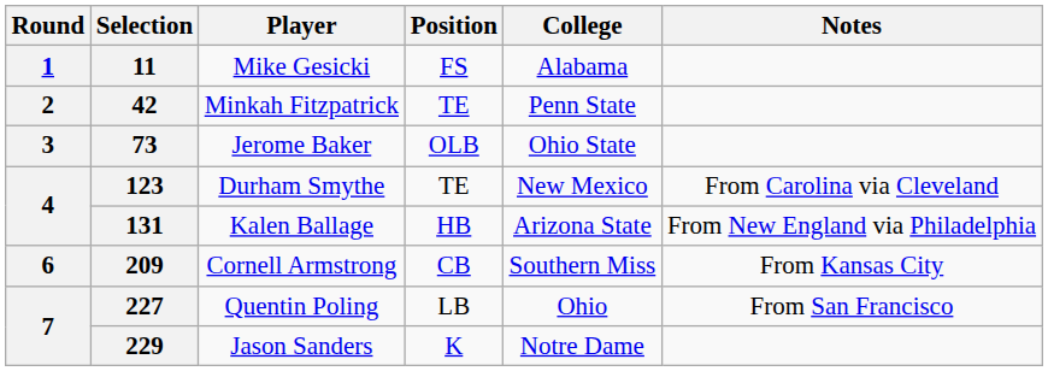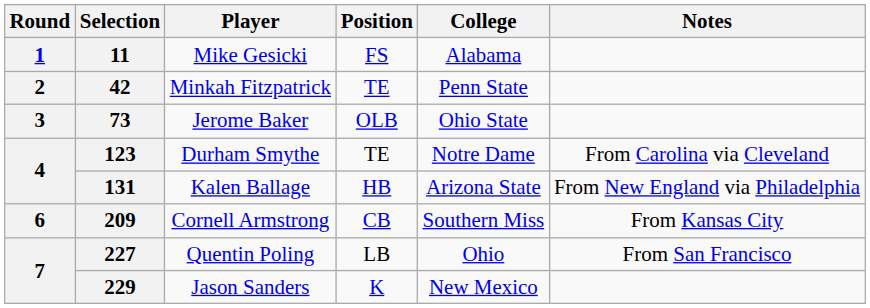 <table class="wikitable" style="text-align:center">
 <tr>
 <th>Round</th>
 <th>Selection</th>
 <th>Player</th>
 <th>Position</th>
 <th>College</th>
 <th>Notes</th>
 </tr>
 <tr>
 <th><a href='#'>1</a></th>
 <th>11</th>
 <td><a href='#'>Mike Gesicki</a></td>
 <td><a href='#'>FS</a></td>
 <td><a href='#'>Alabama</a></td>
 <td></td>
 </tr>
 <tr>
 <th>2</th>
 <th>42</th>
 <td><a href='#'>Minkah Fitzpatrick</a></td>
 <td><a href='#'>TE</a></td>
 <td><a href='#'>Penn State</a></td>
 <td></td>
 </tr>
 <tr>
 <th>3</th>
 <th>73</th>
 <td><a href='#'>Jerome Baker</a></td>
 <td><a href='#'>OLB</a></td>
 <td><a href='#'>Ohio State</a></td>
 <td></td>
 </tr>
 <tr>
 <th rowspan="2">4</th>
 <th>123</th>
 <td><a href='#'>Durham Smythe</a></td>
 <td>TE</td>
-<td><a href='#'>New Mexico</a></td>
+<td><a href='#'>Notre Dame</a> </td>
 <td>From <a href='#'>Carolina</a> via <a href='#'>Cleveland</a></td>
 </tr>
 <tr>
 <th>131</th>
 <td><a href='#'>Kalen Ballage</a></td>
 <td><a href='#'>HB</a></td>
 <td><a href='#'>Arizona State</a> </td>
 <td>From <a href='#'>New England</a> via <a href='#'>Philadelphia</a></td>
 </tr>
 <tr>
 <th>6</th>
 <th>209</th>
 <td><a href='#'>Cornell Armstrong</a></td>
 <td><a href='#'>CB</a></td>
 <td><a href='#'>Southern Miss</a></td>
 <td>From <a href='#'>Kansas City</a></td>
 </tr>
 <tr>
 <th rowspan="2">7</th>
 <th>227</th>
 <td><a href='#'>Quentin Poling</a></td>
 <td>LB</td>
 <td><a href='#'>Ohio</a></td>
 <td>From <a href='#'>San Francisco</a></td>
 </tr>
 <tr>
 <th>229</th>
 <td><a href='#'>Jason Sanders</a></td>
 <td><a href='#'>K</a></td>
-<td><a href='#'>Notre Dame</a> </td>
+<td><a href='#'>New Mexico</a></td>
 <td></td>
 </tr>
 </table>
